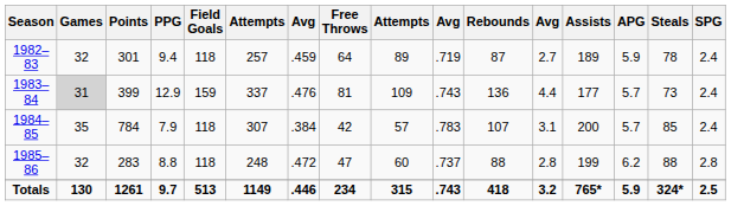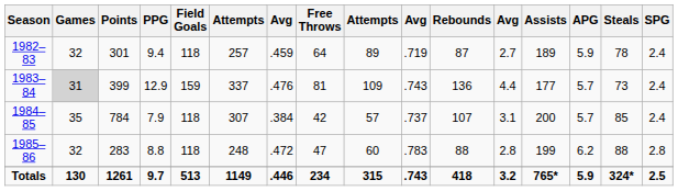 <table class="wikitable sortable" style="text-align:center">
 <tr>
 <th width=40px>Season</th>
 <th width=40px>Games</th>
 <th width=40px>Points</th>
 <th width=40px>PPG</th>
 <th width=40px>Field Goals</th>
 <th width=40px>Attempts</th>
 <th width=40px>Avg</th>
 <th width=40px>Free Throws</th>
 <th width=40px>Attempts</th>
 <th width=40px>Avg</th>
 <th width=40px>Rebounds</th>
 <th width=40px>Avg</th>
 <th width=40px>Assists</th>
 <th width=40px>APG</th>
 <th width=40px>Steals</th>
 <th width=40px>SPG</th>
 </tr>
 <tr>
 <td><a href='#'>1982–83</a></td>
 <td>32</td>
 <td>301</td>
 <td>9.4</td>
 <td>118</td>
 <td>257</td>
 <td>.459</td>
 <td>64</td>
 <td>89</td>
 <td>.719</td>
 <td>87</td>
 <td>2.7</td>
 <td>189</td>
 <td>5.9</td>
 <td>78</td>
 <td>2.4</td>
 </tr>
 <tr>
 <td><a href='#'>1983–84</a></td>
 <td style="background: lightgrey;">31</td>
 <td>399</td>
 <td>12.9</td>
 <td>159</td>
 <td>337</td>
 <td>.476</td>
 <td>81</td>
 <td>109</td>
 <td>.743</td>
 <td>136</td>
 <td>4.4</td>
 <td>177</td>
 <td>5.7</td>
 <td>73</td>
 <td>2.4</td>
 </tr>
 <tr>
 <td><a href='#'>1984–85</a></td>
 <td>35</td>
 <td>784</td>
 <td>7.9</td>
 <td>118</td>
 <td>307</td>
 <td>.384</td>
 <td>42</td>
 <td>57</td>
-<td>.783</td>
+<td>.737</td>
 <td>107</td>
 <td>3.1</td>
 <td>200</td>
 <td>5.7</td>
 <td>85</td>
 <td>2.4</td>
 </tr>
 <tr>
 <td><a href='#'>1985–86</a></td>
 <td>32</td>
 <td>283</td>
 <td>8.8</td>
 <td>118</td>
 <td>248</td>
 <td>.472</td>
 <td>47</td>
 <td>60</td>
-<td>.737</td>
+<td>.783</td>
 <td>88</td>
 <td>2.8</td>
 <td>199</td>
 <td>6.2</td>
 <td>88</td>
 <td>2.8</td>
 </tr>
 <tr>
 </tr>
 <tr class="sortbottom">
 <td><strong>Totals</strong></td>
 <td><strong>130</strong></td>
 <td><strong>1261</strong></td>
 <td><strong>9.7</strong></td>
 <td><strong>513</strong></td>
 <td><strong>1149</strong></td>
 <td><strong>.446</strong></td>
 <td><strong>234</strong></td>
 <td><strong>315</strong></td>
 <td><strong>.743</strong></td>
 <td><strong>418</strong></td>
 <td><strong>3.2</strong></td>
 <td><strong>765*</strong></td>
 <td><strong>5.9</strong></td>
 <td><strong>324*</strong></td>
 <td><strong>2.5</strong></td>
 </tr>
 </table>
